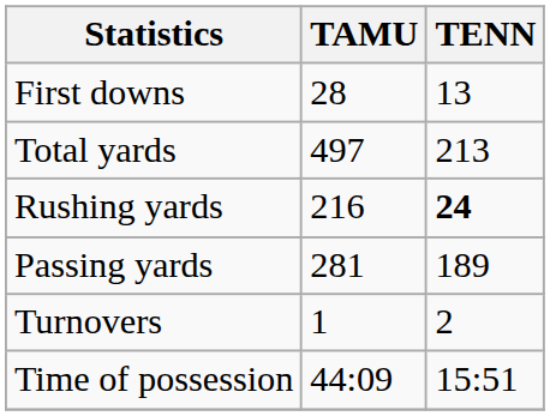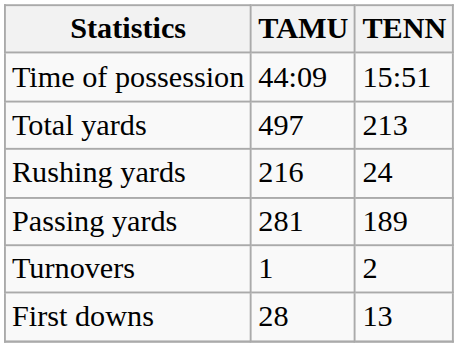 <table class="wikitable" style="float: left;">
 <tr>
 <th>Statistics</th>
 <th>TAMU</th>
 <th>TENN</th>
 </tr>
 <tr>
-<td>First downs</td>
-<td>28</td>
-<td>13</td>
+<td>Time of possession</td>
+<td>44:09</td>
+<td>15:51</td>
 </tr>
 <tr>
 <td>Total yards</td>
 <td>497</td>
 <td>213</td>
 </tr>
 <tr>
 <td>Rushing yards</td>
 <td>216</td>
-<td><strong>24</strong></td>
+<td>24</td>
 </tr>
 <tr>
 <td>Passing yards</td>
 <td>281</td>
 <td>189</td>
 </tr>
 <tr>
 <td>Turnovers</td>
 <td>1</td>
 <td>2</td>
 </tr>
 <tr>
-<td>Time of possession</td>
-<td>44:09</td>
-<td>15:51</td>
+<td>First downs</td>
+<td>28</td>
+<td>13</td>
 </tr>
 <tr>
 </tr>
 </table>
